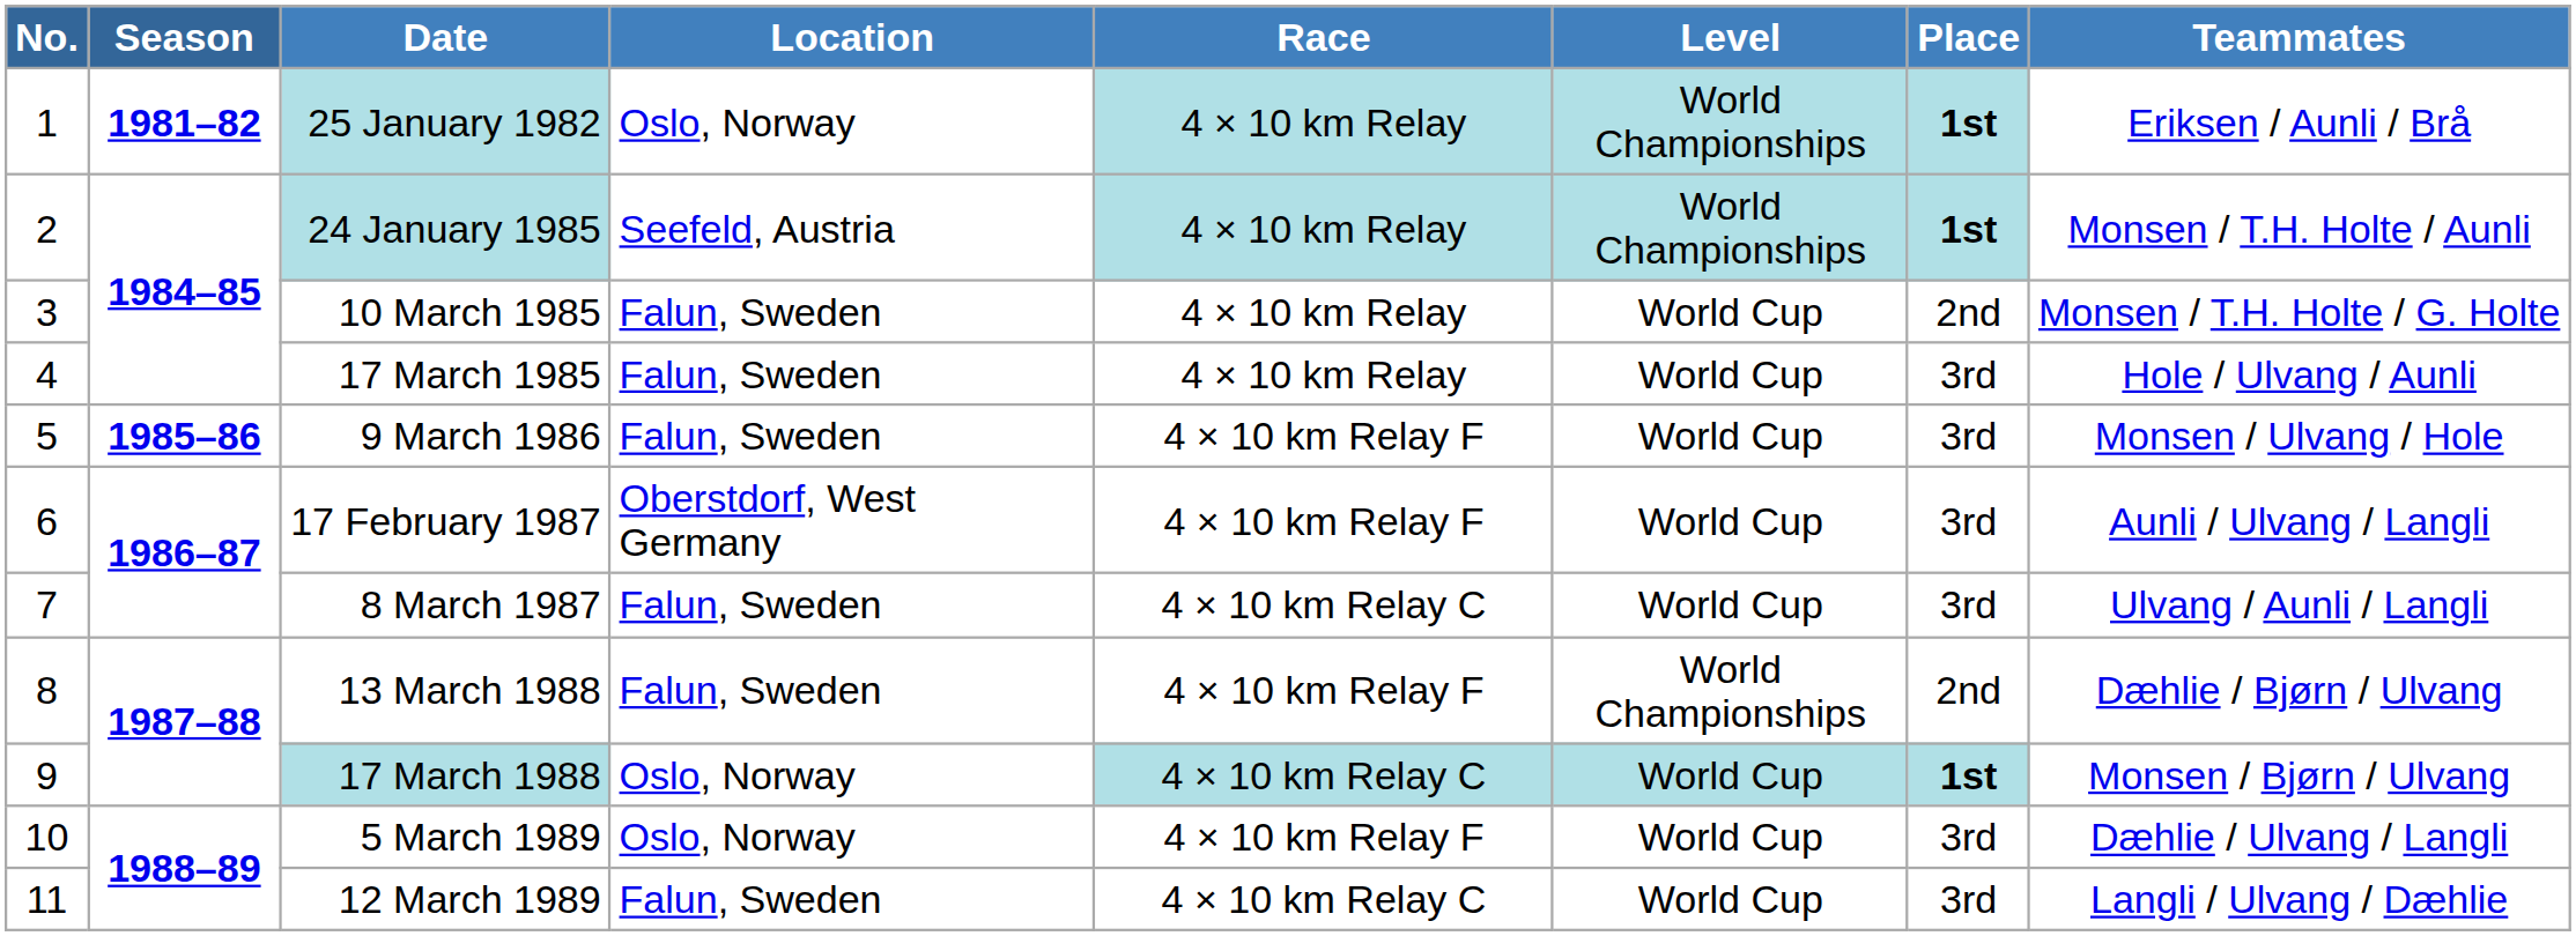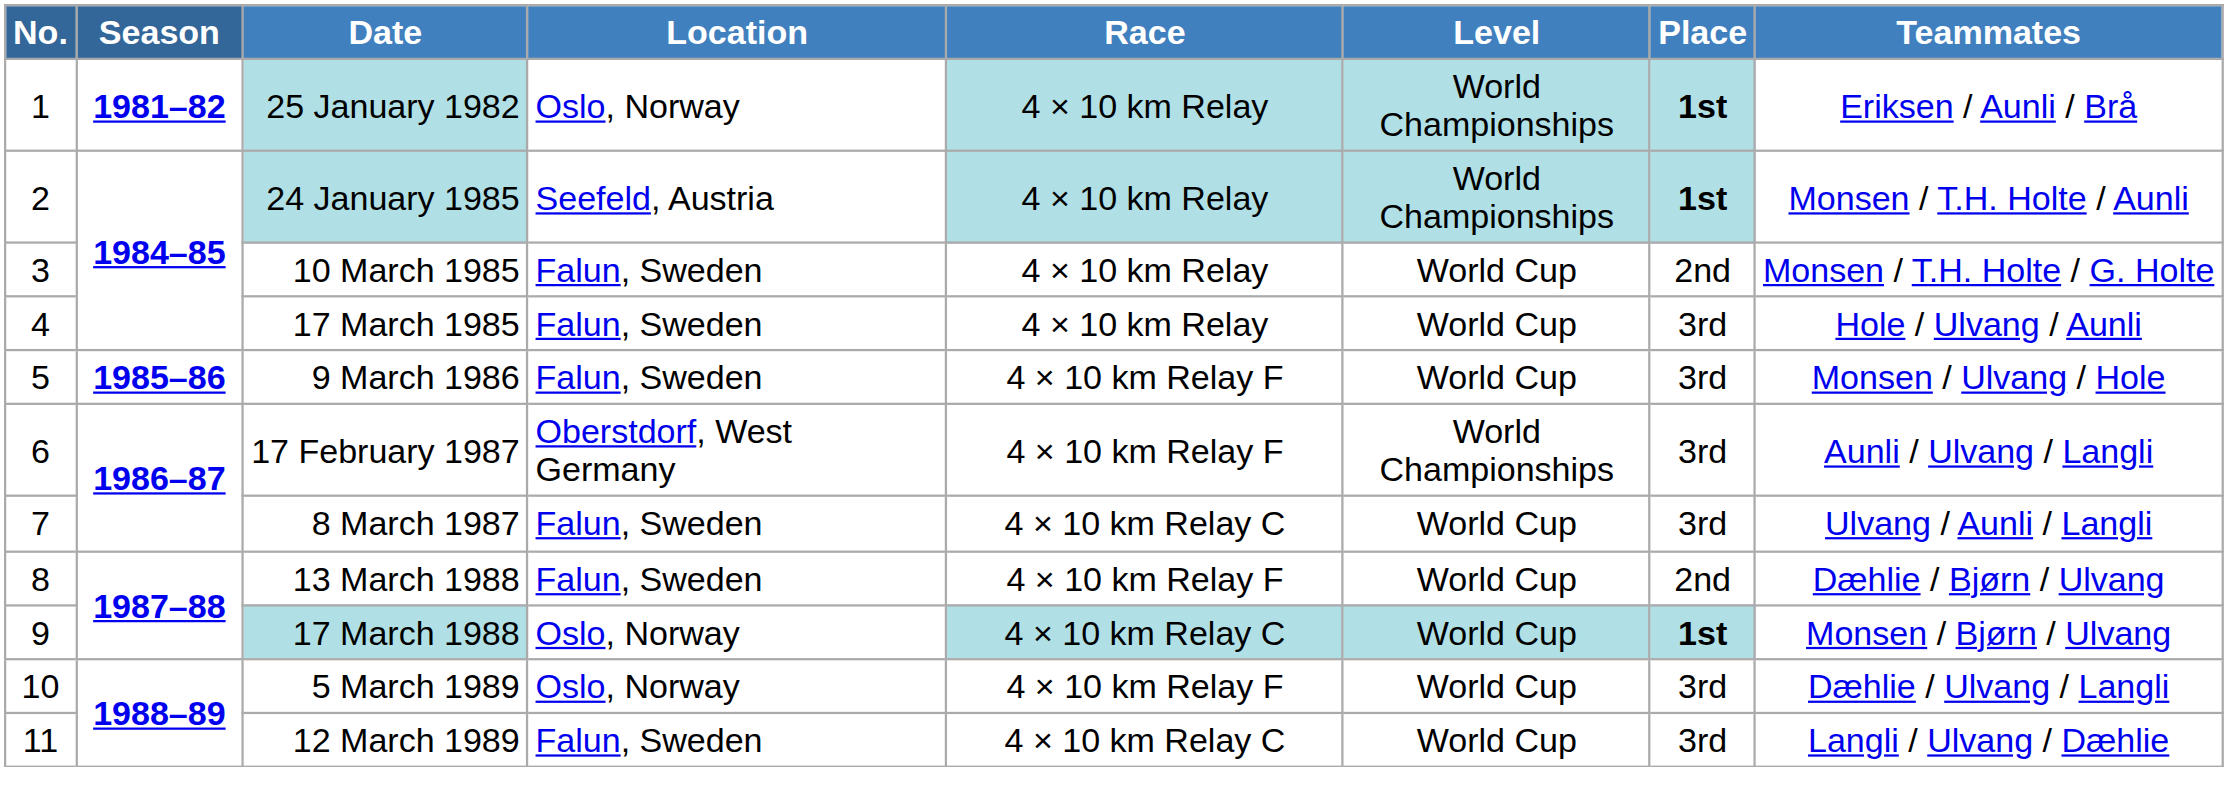 <table class="wikitable sortable" style="font-size:95%; text-align:center; border:grey solid 1px; border-collapse:collapse; background:#ffffff;">
 <tr style="background:#efefef;">
 <th style="background-color:#369; color:white;">No.</th>
 <th style="background-color:#369; color:white;">Season</th>
 <th style="background-color:#4180be; color:white; width:120px;">Date</th>
 <th style="background-color:#4180be; color:white; width:180px;">Location</th>
 <th style="background-color:#4180be; color:white; width:170px;">Race</th>
 <th style="background-color:#4180be; color:white; width:130px;">Level</th>
 <th style="background-color:#4180be; color:white;">Place</th>
 <th style="background-color:#4180be; color:white;">Teammates</th>
 </tr>
 <tr>
 <td align=center>1</td>
 <td rowspan=1 align=center><strong><a href='#'>1981–82</a></strong></td>
 <td bgcolor="#BOEOE6" align=right>25 January 1982</td>
 <td align=left> <a href='#'>Oslo</a>, Norway</td>
 <td bgcolor="#BOEOE6">4 × 10 km Relay</td>
 <td bgcolor="#BOEOE6">World Championships</td>
 <td bgcolor="#BOEOE6"><strong>1st</strong></td>
 <td><a href='#'>Eriksen</a> / <a href='#'>Aunli</a> / <a href='#'>Brå</a></td>
 </tr>
 <tr>
 <td align=center>2</td>
 <td rowspan=3 align=center><strong><a href='#'>1984–85</a></strong></td>
 <td bgcolor="#BOEOE6" align=right>24 January 1985</td>
 <td align=left> <a href='#'>Seefeld</a>, Austria</td>
 <td bgcolor="#BOEOE6">4 × 10 km Relay</td>
 <td bgcolor="#BOEOE6">World Championships</td>
 <td bgcolor="#BOEOE6"><strong>1st</strong></td>
 <td><a href='#'>Monsen</a> / <a href='#'>T.H. Holte</a> / <a href='#'>Aunli</a></td>
 </tr>
 <tr>
 <td align=center>3</td>
 <td align=right>10 March 1985</td>
 <td align=left> <a href='#'>Falun</a>, Sweden</td>
 <td>4 × 10 km Relay</td>
 <td>World Cup</td>
 <td>2nd</td>
 <td><a href='#'>Monsen</a> / <a href='#'>T.H. Holte</a> / <a href='#'>G. Holte</a></td>
 </tr>
 <tr>
 <td align=center>4</td>
 <td align=right>17 March 1985</td>
 <td align=left> <a href='#'>Falun</a>, Sweden</td>
 <td>4 × 10 km Relay</td>
 <td>World Cup</td>
 <td>3rd</td>
 <td><a href='#'>Hole</a> / <a href='#'>Ulvang</a> / <a href='#'>Aunli</a></td>
 </tr>
 <tr>
 <td align=center>5</td>
 <td rowspan=1 align=center><strong> <a href='#'>1985–86</a> </strong></td>
 <td align=right>9 March 1986</td>
 <td align=left> <a href='#'>Falun</a>, Sweden</td>
 <td>4 × 10 km Relay F</td>
 <td>World Cup</td>
 <td>3rd</td>
 <td><a href='#'>Monsen</a> / <a href='#'>Ulvang</a> / <a href='#'>Hole</a></td>
 </tr>
 <tr>
 <td align=center>6</td>
 <td rowspan=2 align=center><strong> <a href='#'>1986–87</a> </strong></td>
 <td align=right>17 February 1987</td>
 <td align=left> <a href='#'>Oberstdorf</a>, West Germany</td>
 <td>4 × 10 km Relay F</td>
-<td>World Cup</td>
+<td>World Championships</td>
 <td>3rd</td>
 <td><a href='#'>Aunli</a> / <a href='#'>Ulvang</a> / <a href='#'>Langli</a></td>
 </tr>
 <tr>
 <td align=center>7</td>
 <td align=right>8 March 1987</td>
 <td align=left> <a href='#'>Falun</a>, Sweden</td>
 <td>4 × 10 km Relay C</td>
 <td>World Cup</td>
 <td>3rd</td>
 <td><a href='#'>Ulvang</a> / <a href='#'>Aunli</a> / <a href='#'>Langli</a></td>
 </tr>
 <tr>
 <td align=center>8</td>
 <td rowspan=2 align=center><strong> <a href='#'>1987–88</a> </strong></td>
 <td align=right>13 March 1988</td>
 <td align=left> <a href='#'>Falun</a>, Sweden</td>
 <td>4 × 10 km Relay F</td>
-<td>World Championships</td>
+<td>World Cup</td>
 <td>2nd</td>
 <td><a href='#'>Dæhlie</a> / <a href='#'>Bjørn</a> / <a href='#'>Ulvang</a></td>
 </tr>
 <tr>
 <td align=center>9</td>
 <td bgcolor="#BOEOE6" align=right>17 March 1988</td>
 <td align=left> <a href='#'>Oslo</a>, Norway</td>
 <td bgcolor="#BOEOE6">4 × 10 km Relay C</td>
 <td bgcolor="#BOEOE6">World Cup</td>
 <td bgcolor="#BOEOE6"><strong>1st</strong></td>
 <td><a href='#'>Monsen</a> / <a href='#'>Bjørn</a> / <a href='#'>Ulvang</a></td>
 </tr>
 <tr>
 <td align=center>10</td>
 <td rowspan=2 align=center><strong> <a href='#'>1988–89</a> </strong></td>
 <td align=right>5 March 1989</td>
 <td align=left> <a href='#'>Oslo</a>, Norway</td>
 <td>4 × 10 km Relay F</td>
 <td>World Cup</td>
 <td>3rd</td>
 <td><a href='#'>Dæhlie</a> / <a href='#'>Ulvang</a> / <a href='#'>Langli</a></td>
 </tr>
 <tr>
 <td align=center>11</td>
 <td align=right>12 March 1989</td>
 <td align=left> <a href='#'>Falun</a>, Sweden</td>
 <td>4 × 10 km Relay C</td>
 <td>World Cup</td>
 <td>3rd</td>
 <td><a href='#'>Langli</a> / <a href='#'>Ulvang</a> / <a href='#'>Dæhlie</a></td>
 </tr>
 </table>
